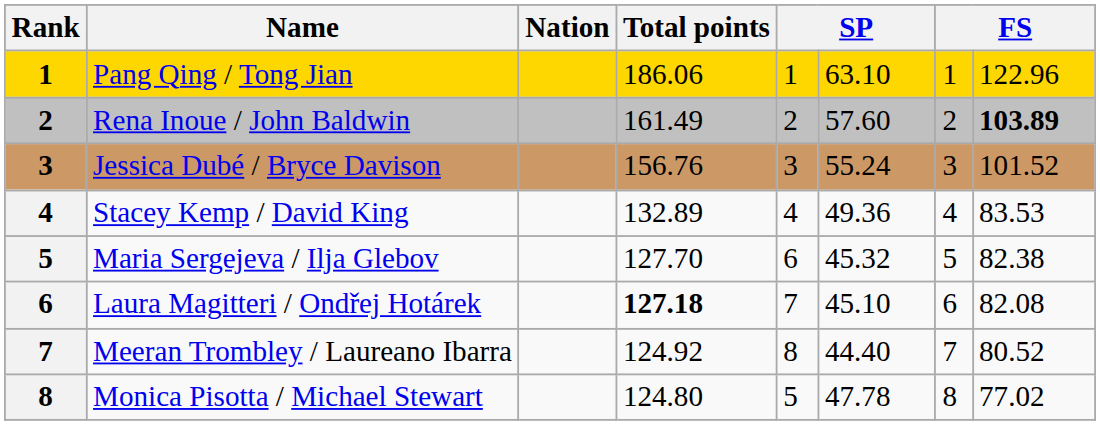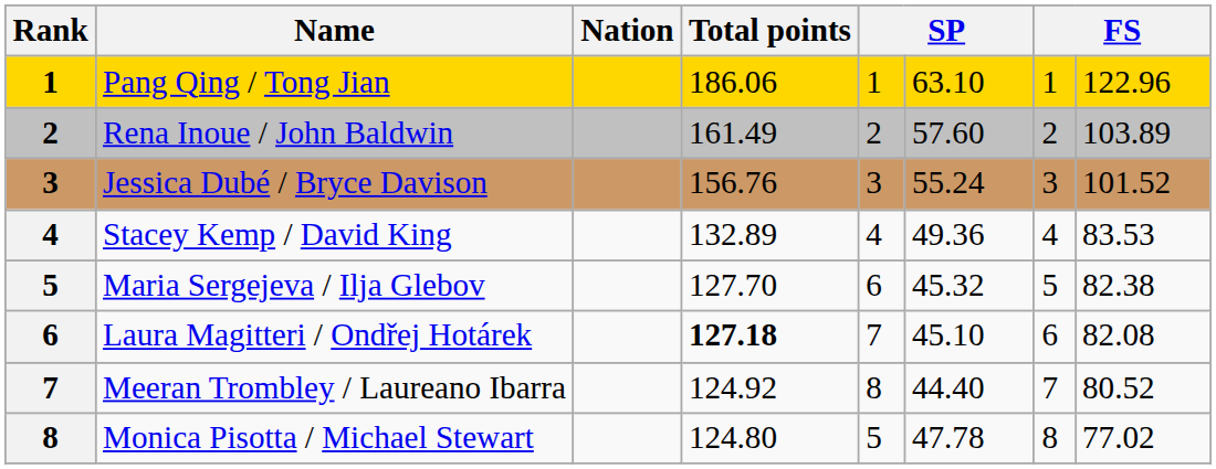 <table class="wikitable">
 <tr>
 <th>Rank</th>
 <th>Name</th>
 <th>Nation</th>
 <th>Total points</th>
 <th colspan="2" width="80px"><a href='#'>SP</a></th>
 <th colspan="2" width="80px"><a href='#'>FS</a></th>
 </tr>
 <tr bgcolor="gold">
 <td align="center"><strong>1</strong></td>
 <td><a href='#'>Pang Qing</a> / <a href='#'>Tong Jian</a></td>
 <td></td>
 <td>186.06</td>
 <td>1</td>
 <td>63.10</td>
 <td>1</td>
 <td>122.96</td>
 </tr>
 <tr bgcolor="silver">
 <td align="center"><strong>2</strong></td>
 <td><a href='#'>Rena Inoue</a> / <a href='#'>John Baldwin</a></td>
 <td></td>
 <td>161.49</td>
 <td>2</td>
 <td>57.60</td>
 <td>2</td>
-<td><strong>103.89</strong></td>
+<td>103.89</td>
 </tr>
 <tr bgcolor="cc9966">
 <td align="center"><strong>3</strong></td>
 <td><a href='#'>Jessica Dubé</a> / <a href='#'>Bryce Davison</a></td>
 <td></td>
 <td>156.76</td>
 <td>3</td>
 <td>55.24</td>
 <td>3</td>
 <td>101.52</td>
 </tr>
 <tr>
 <th>4</th>
 <td><a href='#'>Stacey Kemp</a> / <a href='#'>David King</a></td>
 <td></td>
 <td>132.89</td>
 <td>4</td>
 <td>49.36</td>
 <td>4</td>
 <td>83.53</td>
 </tr>
 <tr>
 <th>5</th>
 <td><a href='#'>Maria Sergejeva</a> / <a href='#'>Ilja Glebov</a></td>
 <td></td>
 <td>127.70</td>
 <td>6</td>
 <td>45.32</td>
 <td>5</td>
 <td>82.38</td>
 </tr>
 <tr>
 <th>6</th>
 <td><a href='#'>Laura Magitteri</a> / <a href='#'>Ondřej Hotárek</a></td>
 <td></td>
 <td><strong>127.18</strong></td>
 <td>7</td>
 <td>45.10</td>
 <td>6</td>
 <td>82.08</td>
 </tr>
 <tr>
 <th>7</th>
 <td><a href='#'>Meeran Trombley</a> / Laureano Ibarra</td>
 <td></td>
 <td>124.92</td>
 <td>8</td>
 <td>44.40</td>
 <td>7</td>
 <td>80.52</td>
 </tr>
 <tr>
 <th>8</th>
 <td><a href='#'>Monica Pisotta</a> / <a href='#'>Michael Stewart</a></td>
 <td></td>
 <td>124.80</td>
 <td>5</td>
 <td>47.78</td>
 <td>8</td>
 <td>77.02</td>
 </tr>
 </table>
